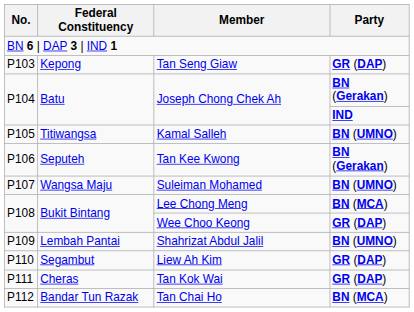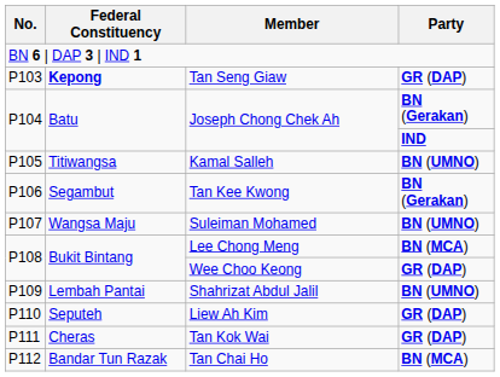 <table class="wikitable sortable">
 <tr>
 <th style="width:30px;">No.</th>
 <th style="width:150px;">Federal Constituency</th>
 <th style="width:230px;">Member</th>
 <th style="width:100px;">Party</th>
 </tr>
 <tr>
 <td colspan="4"><a href='#'>BN</a> <strong>6</strong> | <a href='#'>DAP</a> <strong>3</strong> | <a href='#'>IND</a> <strong>1</strong></td>
 </tr>
 <tr>
 <td>P103</td>
-<td><a href='#'>Kepong</a></td>
+<td><strong><a href='#'>Kepong</a></strong></td>
 <td><a href='#'>Tan Seng Giaw</a></td>
 <td><strong><a href='#'>GR</a></strong> (<strong><a href='#'>DAP</a></strong>)</td>
 </tr>
 <tr>
 <td rowspan=2>P104</td>
 <td rowspan=2><a href='#'>Batu</a></td>
 <td rowspan=2><a href='#'>Joseph Chong Chek Ah</a></td>
 <td><strong><a href='#'>BN</a></strong> (<strong><a href='#'>Gerakan</a></strong>)</td>
 </tr>
 <tr>
 <td><strong><a href='#'>IND</a></strong></td>
 </tr>
 <tr>
 <td>P105</td>
 <td><a href='#'>Titiwangsa</a></td>
 <td><a href='#'>Kamal Salleh</a></td>
 <td><strong><a href='#'>BN</a></strong> (<strong><a href='#'>UMNO</a></strong>)</td>
 </tr>
 <tr>
 <td>P106</td>
-<td><a href='#'>Seputeh</a></td>
+<td><a href='#'>Segambut</a></td>
 <td><a href='#'>Tan Kee Kwong</a></td>
 <td><strong><a href='#'>BN</a></strong> (<strong><a href='#'>Gerakan</a></strong>)</td>
 </tr>
 <tr>
 <td>P107</td>
 <td><a href='#'>Wangsa Maju</a></td>
 <td><a href='#'>Suleiman Mohamed</a></td>
 <td><strong><a href='#'>BN</a></strong> (<strong><a href='#'>UMNO</a></strong>)</td>
 </tr>
 <tr>
 <td rowspan=2>P108</td>
 <td rowspan=2><a href='#'>Bukit Bintang</a></td>
 <td><a href='#'>Lee Chong Meng</a> </td>
 <td><strong><a href='#'>BN</a></strong> (<strong><a href='#'>MCA</a></strong>)</td>
 </tr>
 <tr>
 <td><a href='#'>Wee Choo Keong</a> </td>
 <td><strong><a href='#'>GR</a></strong> (<strong><a href='#'>DAP</a></strong>)</td>
 </tr>
 <tr>
 <td>P109</td>
 <td><a href='#'>Lembah Pantai</a></td>
 <td><a href='#'>Shahrizat Abdul Jalil</a></td>
 <td><strong><a href='#'>BN</a></strong> (<strong><a href='#'>UMNO</a></strong>)</td>
 </tr>
 <tr>
 <td>P110</td>
-<td><a href='#'>Segambut</a></td>
+<td><a href='#'>Seputeh</a></td>
 <td><a href='#'>Liew Ah Kim</a></td>
 <td><strong><a href='#'>GR</a></strong> (<strong><a href='#'>DAP</a></strong>)</td>
 </tr>
 <tr>
 <td>P111</td>
 <td><a href='#'>Cheras</a></td>
 <td><a href='#'>Tan Kok Wai</a></td>
 <td><strong><a href='#'>GR</a></strong> (<strong><a href='#'>DAP</a></strong>)</td>
 </tr>
 <tr>
 <td>P112</td>
 <td><a href='#'>Bandar Tun Razak</a></td>
 <td><a href='#'>Tan Chai Ho</a></td>
 <td><strong><a href='#'>BN</a></strong> (<strong><a href='#'>MCA</a></strong>)</td>
 </tr>
 </table>
